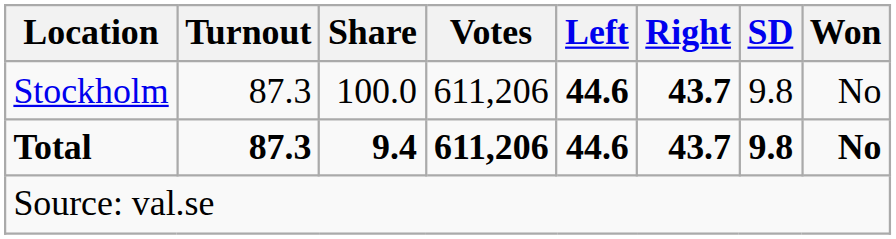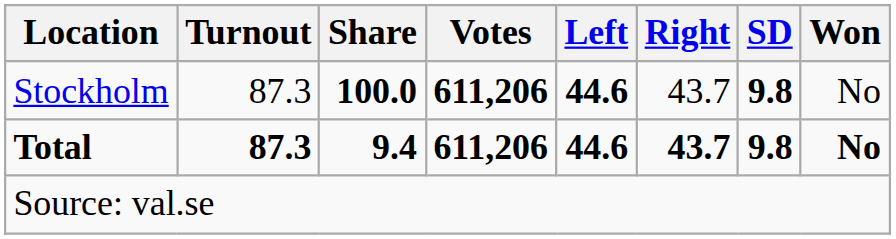 <table class="wikitable sortable" style=text-align:right>
 <tr>
 <th>Location</th>
 <th>Turnout</th>
 <th>Share</th>
 <th>Votes</th>
 <th><a href='#'>Left</a></th>
 <th><a href='#'>Right</a></th>
 <th><a href='#'>SD</a></th>
 <th>Won</th>
 </tr>
 <tr>
 <td align=left><a href='#'>Stockholm</a></td>
 <td>87.3</td>
-<td>100.0</td>
-<td>611,206</td>
+<td><strong>100.0</strong></td>
+<td><strong>611,206</strong></td>
 <td><strong>44.6</strong></td>
-<td><strong>43.7</strong></td>
-<td>9.8</td>
+<td>43.7</td>
+<td><strong>9.8</strong></td>
 <td>No</td>
 </tr>
 <tr>
 <td align=left><strong>Total</strong></td>
 <td><strong>87.3</strong></td>
 <td><strong>9.4</strong></td>
 <td><strong>611,206</strong></td>
 <td><strong>44.6</strong></td>
 <td><strong>43.7</strong></td>
 <td><strong>9.8</strong></td>
 <td><strong>No</strong></td>
 </tr>
 <tr>
 <td align=left colspan=8>Source: val.se</td>
 </tr>
 </table>
